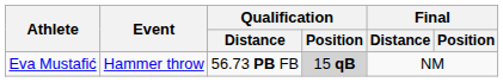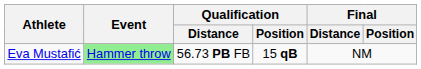 <table class=wikitable style="font-size:90%">
 <tr>
 <th rowspan=2>Athlete</th>
 <th rowspan=2>Event</th>
 <th colspan=2>Qualification</th>
 <th colspan=2>Final</th>
 </tr>
 <tr style="font-size:95%">
 <th>Distance</th>
 <th>Position</th>
 <th>Distance</th>
 <th>Position</th>
 </tr>
 <tr align=center>
 <td align=left><a href='#'>Eva Mustafić</a></td>
-<td align=left><a href='#'>Hammer throw</a></td>
+<td align=left style="background: lightgreen;"><a href='#'>Hammer throw</a></td>
 <td>56.73	<strong>PB</strong>	FB</td>
-<td style="background: lightgrey;">15 <strong>qB</strong></td>
+<td>15 <strong>qB</strong></td>
 <td colspan=2>NM</td>
 </tr>
 </table>
